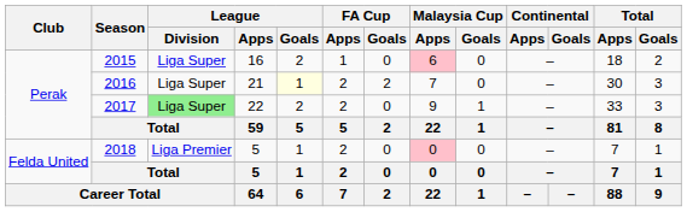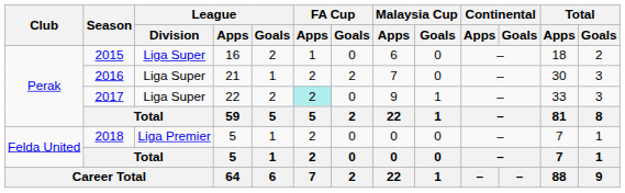 <table class=wikitable style="text-align:center">
 <tr>
 <th rowspan=2>Club</th>
 <th rowspan=2>Season</th>
 <th colspan=3>League</th>
 <th colspan=2>FA Cup</th>
 <th colspan=2>Malaysia Cup</th>
 <th colspan=2>Continental</th>
 <th colspan=2>Total</th>
 </tr>
 <tr>
 <th>Division</th>
 <th>Apps</th>
 <th>Goals</th>
 <th>Apps</th>
 <th>Goals</th>
 <th>Apps</th>
 <th>Goals</th>
 <th>Apps</th>
 <th>Goals</th>
 <th>Apps</th>
 <th>Goals</th>
 </tr>
 <tr>
 <td rowspan=4><a href='#'>Perak</a></td>
 <td><a href='#'>2015</a></td>
 <td><a href='#'>Liga Super</a></td>
 <td>16</td>
 <td>2</td>
 <td>1</td>
 <td>0</td>
-<td style="background: pink;">6</td>
+<td>6</td>
 <td>0</td>
 <td colspan=2>–</td>
 <td>18</td>
 <td>2</td>
 </tr>
 <tr>
 <td><a href='#'>2016</a></td>
 <td>Liga Super</td>
 <td>21</td>
-<td style="background: lightyellow;">1</td>
+<td>1</td>
 <td>2</td>
 <td>2</td>
 <td>7</td>
 <td>0</td>
 <td colspan=2>–</td>
 <td>30</td>
 <td>3</td>
 </tr>
 <tr>
 <td><a href='#'>2017</a></td>
-<td style="background: lightgreen;">Liga Super</td>
+<td>Liga Super</td>
 <td>22</td>
 <td>2</td>
-<td>2</td>
+<td style="background: paleturquoise;">2</td>
 <td>0</td>
 <td>9</td>
 <td>1</td>
 <td colspan=2>–</td>
 <td>33</td>
 <td>3</td>
 </tr>
 <tr>
 <th colspan="2">Total</th>
 <th>59</th>
 <th>5</th>
 <th>5</th>
 <th>2</th>
 <th>22</th>
 <th>1</th>
 <th colspan=2>–</th>
 <th>81</th>
 <th>8</th>
 </tr>
 <tr>
 <td rowspan=2><a href='#'>Felda United</a></td>
 <td><a href='#'>2018</a></td>
 <td><a href='#'>Liga Premier</a></td>
 <td>5</td>
 <td>1</td>
 <td>2</td>
 <td>0</td>
-<td style="background: pink;">0</td>
+<td>0</td>
 <td>0</td>
 <td colspan=2>–</td>
 <td>7</td>
 <td>1</td>
 </tr>
 <tr>
 <th colspan="2">Total</th>
 <th>5</th>
 <th>1</th>
 <th>2</th>
 <th>0</th>
 <th>0</th>
 <th>0</th>
 <th colspan=2>–</th>
 <th>7</th>
 <th>1</th>
 </tr>
 <tr>
 <th colspan="3">Career Total</th>
 <th>64</th>
 <th>6</th>
 <th>7</th>
 <th>2</th>
 <th>22</th>
 <th>1</th>
 <th>–</th>
 <th>–</th>
 <th>88</th>
 <th>9</th>
 </tr>
 </table>
